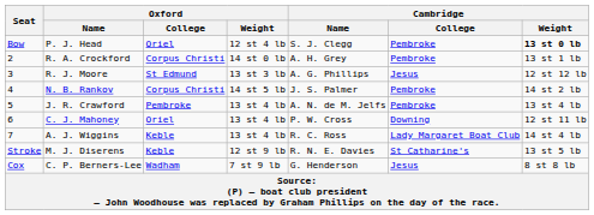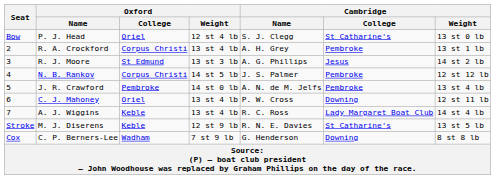 <table class="wikitable">
 <tr>
 <th rowspan="2" scope="col">Seat</th>
 <th colspan="3" scope="col">Oxford <br> </th>
 <th colspan="3" scope="col">Cambridge <br> </th>
 </tr>
 <tr>
 <th>Name</th>
 <th>College</th>
 <th>Weight</th>
 <th>Name</th>
 <th>College</th>
 <th>Weight</th>
 </tr>
 <tr>
 <td><a href='#'>Bow</a></td>
 <td>P. J. Head</td>
 <td><a href='#'>Oriel</a></td>
 <td>12 st 4 lb</td>
 <td>S. J. Clegg</td>
-<td><a href='#'>Pembroke</a></td>
-<td><strong>13 st 0 lb</strong></td>
+<td><a href='#'>St Catharine's</a></td>
+<td>13 st 0 lb</td>
 </tr>
 <tr>
 <td>2</td>
 <td>R. A. Crockford</td>
 <td><a href='#'>Corpus Christi</a></td>
-<td>14 st 0 lb</td>
+<td>13 st 4 lb</td>
 <td>A. H. Grey</td>
 <td><a href='#'>Pembroke</a></td>
 <td>13 st 1 lb</td>
 </tr>
 <tr>
 <td>3</td>
 <td>R. J. Moore</td>
 <td><a href='#'>St Edmund</a></td>
 <td>13 st 3 lb</td>
 <td>A. G. Phillips</td>
 <td><a href='#'>Jesus</a></td>
-<td>12 st 12 lb</td>
+<td>14 st 2 lb</td>
 </tr>
 <tr>
 <td>4</td>
 <td><a href='#'>N. B. Rankov</a></td>
 <td><a href='#'>Corpus Christi</a></td>
 <td>14 st 5 lb</td>
 <td>J. S. Palmer</td>
 <td><a href='#'>Pembroke</a></td>
-<td>14 st 2 lb</td>
+<td>12 st 12 lb</td>
 </tr>
 <tr>
 <td>5</td>
 <td>J. R. Crawford</td>
 <td><a href='#'>Pembroke</a></td>
-<td>13 st 4 lb</td>
+<td>14 st 0 lb</td>
 <td>A. N. de M. Jelfs</td>
 <td><a href='#'>Pembroke</a></td>
 <td>13 st 4 lb</td>
 </tr>
 <tr>
 <td>6</td>
 <td><a href='#'>C. J. Mahoney</a></td>
 <td><a href='#'>Oriel</a></td>
 <td>13 st 4 lb</td>
 <td>P. W. Cross</td>
 <td><a href='#'>Downing</a></td>
 <td>12 st 11 lb</td>
 </tr>
 <tr>
 <td>7</td>
 <td>A. J. Wiggins</td>
 <td><a href='#'>Keble</a></td>
 <td>13 st 4 lb</td>
 <td>R. C. Ross</td>
 <td><a href='#'>Lady Margaret Boat Club</a></td>
 <td>14 st 4 lb</td>
 </tr>
 <tr>
 <td><a href='#'>Stroke</a></td>
 <td>M. J. Diserens</td>
 <td><a href='#'>Keble</a></td>
 <td>12 st 9 lb</td>
 <td>R. N. E. Davies </td>
 <td><a href='#'>St Catharine's</a></td>
 <td>13 st 5 lb</td>
 </tr>
 <tr>
 <td><a href='#'>Cox</a></td>
 <td>C. P. Berners-Lee</td>
 <td><a href='#'>Wadham</a></td>
 <td>7 st 9 lb</td>
 <td>G. Henderson</td>
-<td><a href='#'>Jesus</a></td>
+<td><a href='#'>Downing</a></td>
 <td>8 st 8 lb</td>
 </tr>
 <tr>
 <th colspan="7">Source:<br> (P) – boat club president<br> – John Woodhouse was replaced by Graham Phillips on the day of the race.</th>
 </tr>
 </table>
